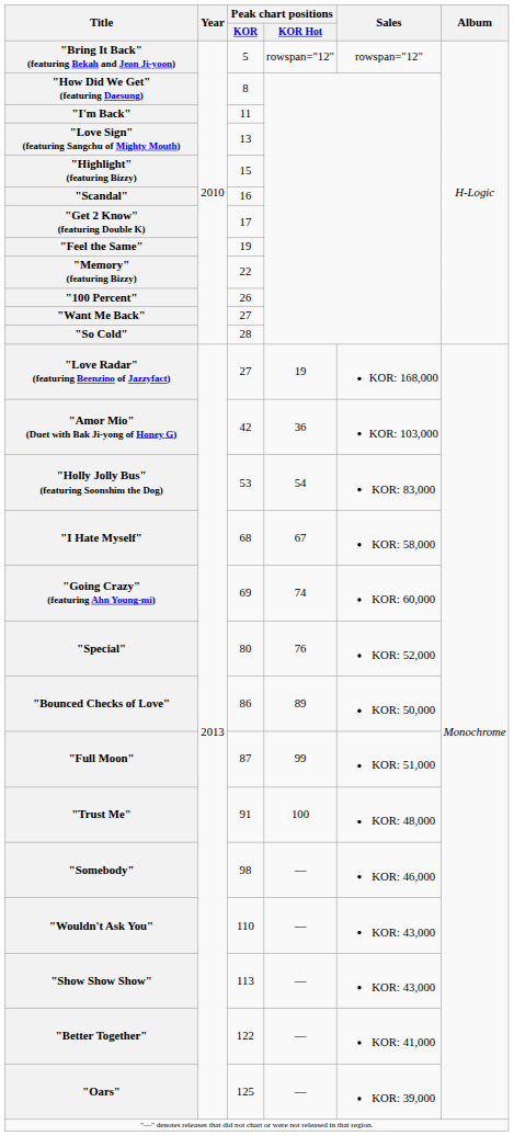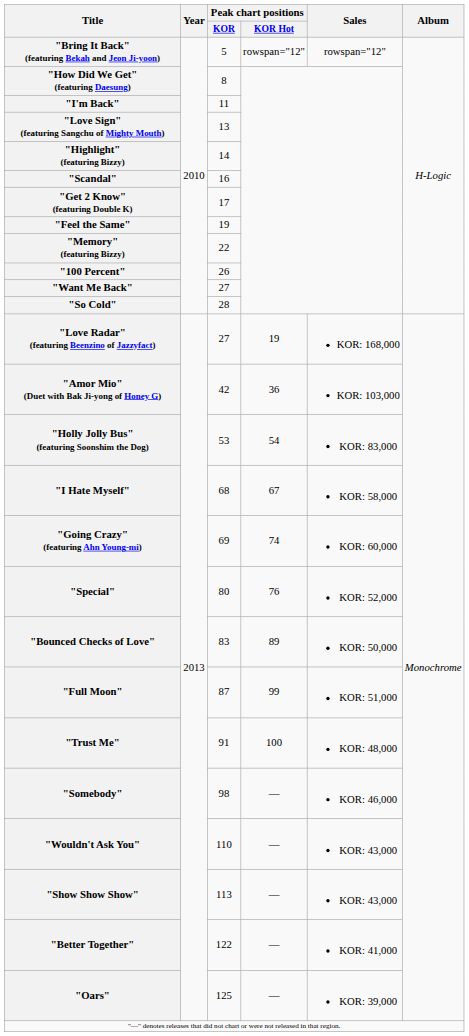 <table class="wikitable plainrowheaders" style="text-align:center">
 <tr>
 <th scope="col" rowspan="2" style="width:16em;">Title</th>
 <th scope="col" rowspan="2">Year</th>
 <th scope="col" colspan="2">Peak chart positions</th>
 <th scope="col" rowspan="2">Sales</th>
 <th scope="col" rowspan="2">Album</th>
 </tr>
 <tr>
 <th scope="col" style="width:3em;font-size:90%;"><a href='#'>KOR</a><br></th>
 <th scope="col" style="width:3em;font-size:90%;"><a href='#'>KOR Hot</a><br></th>
 </tr>
 <tr>
 <th scope="row">"Bring It Back"<br><small>(featuring <a href='#'>Bekah</a> and <a href='#'>Jeon Ji-yoon</a>)</small></th>
 <td rowspan="12">2010</td>
 <td>5</td>
 <td>rowspan="12" </td>
 <td>rowspan="12" </td>
 <td rowspan=12><em>H-Logic</em></td>
 </tr>
 <tr>
 <th scope="row">"How Did We Get"<br><small>(featuring <a href='#'>Daesung</a>)</small></th>
 <td>8</td>
 </tr>
 <tr>
 <th scope="row">"I'm Back"</th>
 <td>11</td>
 </tr>
 <tr>
 <th scope="row">"Love Sign"<br><small>(featuring Sangchu of <a href='#'>Mighty Mouth</a>)</small></th>
 <td>13</td>
 </tr>
 <tr>
 <th scope="row">"Highlight"<br><small>(featuring Bizzy)</small></th>
-<td>15</td>
+<td>14</td>
 </tr>
 <tr>
 <th scope="row">"Scandal"</th>
 <td>16</td>
 </tr>
 <tr>
 <th scope="row">"Get 2 Know"<br><small>(featuring Double K)</small></th>
 <td>17</td>
 </tr>
 <tr>
 <th scope="row">"Feel the Same"</th>
 <td>19</td>
 </tr>
 <tr>
 <th scope="row">"Memory"<br><small>(featuring Bizzy)</small></th>
 <td>22</td>
 </tr>
 <tr>
 <th scope="row">"100 Percent"</th>
 <td>26</td>
 </tr>
 <tr>
 <th scope="row">"Want Me Back"</th>
 <td>27</td>
 </tr>
 <tr>
 <th scope="row">"So Cold"</th>
 <td>28</td>
 </tr>
 <tr>
 <th scope="row">"Love Radar"<br><small>(featuring <a href='#'>Beenzino</a> of <a href='#'>Jazzyfact</a>)</small></th>
 <td rowspan="14">2013</td>
 <td>27</td>
 <td>19</td>
 <td><br><ul><li>KOR: 168,000</li></ul></td>
 <td rowspan="14"><em>Monochrome</em></td>
 </tr>
 <tr>
 <th scope="row">"Amor Mio"<br><small>(Duet with Bak Ji-yong of <a href='#'>Honey G</a>)</small></th>
 <td>42</td>
 <td>36</td>
 <td><br><ul><li>KOR: 103,000</li></ul></td>
 </tr>
 <tr>
 <th scope="row">"Holly Jolly Bus"<br><small>(featuring Soonshim the Dog)</small></th>
 <td>53</td>
 <td>54</td>
 <td><br><ul><li>KOR: 83,000</li></ul></td>
 </tr>
 <tr>
 <th scope="row">"I Hate Myself"</th>
 <td>68</td>
 <td>67</td>
 <td><br><ul><li>KOR: 58,000</li></ul></td>
 </tr>
 <tr>
 <th scope="row">"Going Crazy"<br><small>(featuring <a href='#'>Ahn Young-mi</a>)</small></th>
 <td>69</td>
 <td>74</td>
 <td><br><ul><li>KOR: 60,000</li></ul></td>
 </tr>
 <tr>
 <th scope="row">"Special"</th>
 <td>80</td>
 <td>76</td>
 <td><br><ul><li>KOR: 52,000</li></ul></td>
 </tr>
 <tr>
 <th scope="row">"Bounced Checks of Love"</th>
-<td>86</td>
+<td>83</td>
 <td>89</td>
 <td><br><ul><li>KOR: 50,000</li></ul></td>
 </tr>
 <tr>
 <th scope="row">"Full Moon"</th>
 <td>87</td>
 <td>99</td>
 <td><br><ul><li>KOR: 51,000</li></ul></td>
 </tr>
 <tr>
 <th scope="row">"Trust Me"</th>
 <td>91</td>
 <td>100</td>
 <td><br><ul><li>KOR: 48,000</li></ul></td>
 </tr>
 <tr>
 <th scope="row">"Somebody"</th>
 <td>98</td>
 <td>—</td>
 <td><br><ul><li>KOR: 46,000</li></ul></td>
 </tr>
 <tr>
 <th scope="row">"Wouldn't Ask You"</th>
 <td>110</td>
 <td>—</td>
 <td><br><ul><li>KOR: 43,000</li></ul></td>
 </tr>
 <tr>
 <th scope="row">"Show Show Show"</th>
 <td>113</td>
 <td>—</td>
 <td><br><ul><li>KOR: 43,000</li></ul></td>
 </tr>
 <tr>
 <th scope="row">"Better Together"</th>
 <td>122</td>
 <td>—</td>
 <td><br><ul><li>KOR: 41,000</li></ul></td>
 </tr>
 <tr>
 <th scope="row">"Oars"</th>
 <td>125</td>
 <td>—</td>
 <td><br><ul><li>KOR: 39,000</li></ul></td>
 </tr>
 <tr>
 <td colspan="6" style="font-size:8pt;">"—" denotes releases that did not chart or were not released in that region.</td>
 </tr>
 </table>
